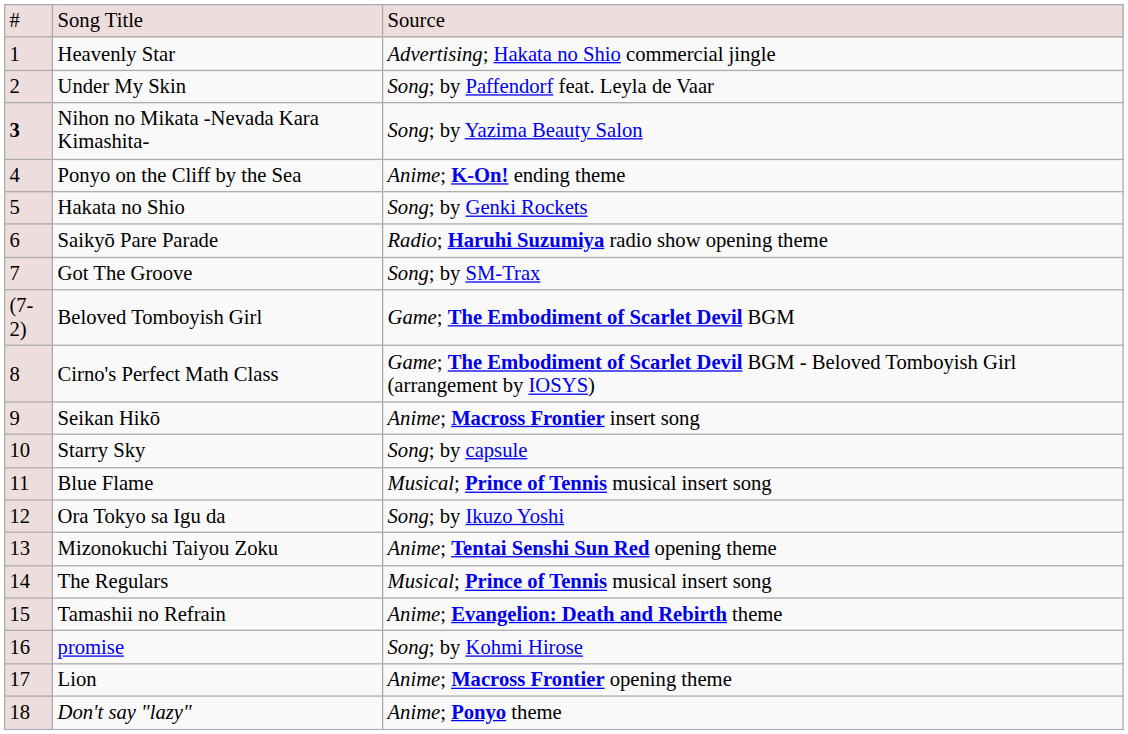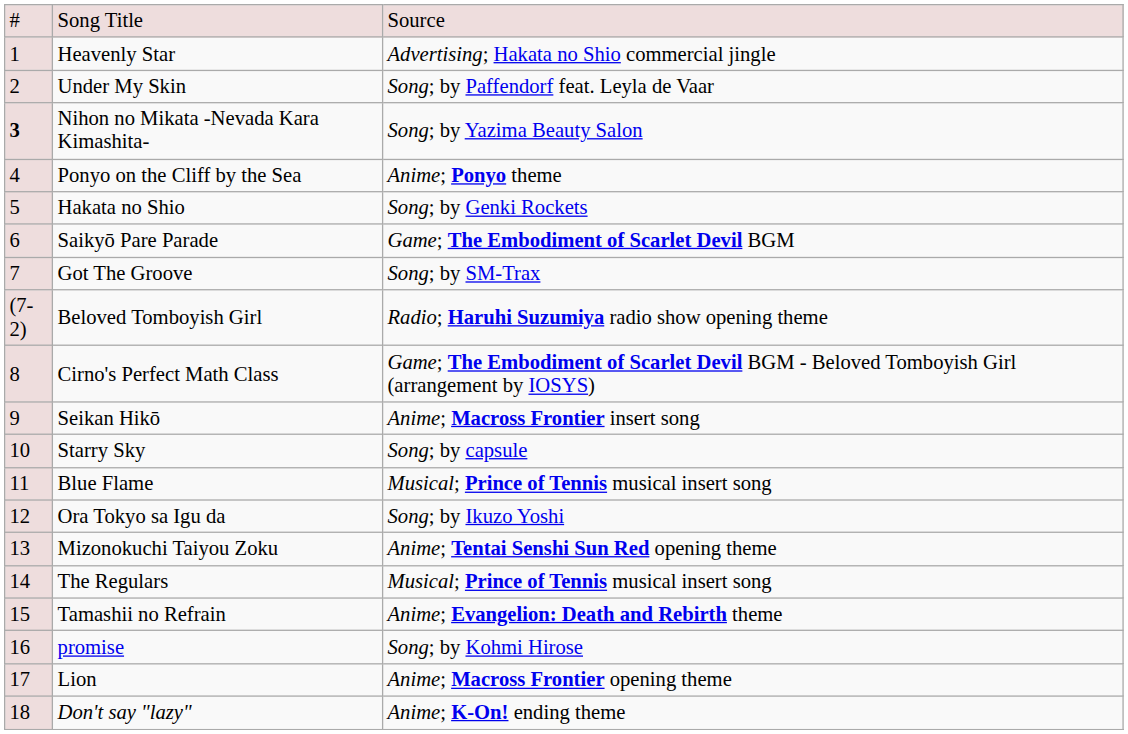 <table class="wikitable">
 <tr style="background-color:#edd">
 <td>#</td>
 <td>Song Title</td>
 <td>Source</td>
 </tr>
 <tr>
 <td style="background-color:#edd">1</td>
 <td>Heavenly Star</td>
 <td><em>Advertising</em>; <a href='#'>Hakata no Shio</a> commercial jingle</td>
 </tr>
 <tr>
 <td style="background-color:#edd">2</td>
 <td>Under My Skin</td>
 <td><em>Song</em>; by <a href='#'>Paffendorf</a> feat. Leyla de Vaar</td>
 </tr>
 <tr>
 <td style="background-color:#edd"><strong>3</strong></td>
 <td>Nihon no Mikata -Nevada Kara Kimashita-</td>
 <td><em>Song</em>; by <a href='#'>Yazima Beauty Salon</a></td>
 </tr>
 <tr>
 <td style="background-color:#edd">4</td>
 <td>Ponyo on the Cliff by the Sea</td>
-<td><em>Anime</em>; <strong><a href='#'>K-On!</a></strong> ending theme</td>
+<td><em>Anime</em>; <strong><a href='#'>Ponyo</a></strong> theme</td>
 </tr>
 <tr>
 <td style="background-color:#edd">5</td>
 <td>Hakata no Shio</td>
 <td><em>Song</em>; by <a href='#'>Genki Rockets</a></td>
 </tr>
 <tr>
 <td style="background-color:#edd">6</td>
 <td>Saikyō Pare Parade</td>
-<td><em>Radio</em>; <strong><a href='#'>Haruhi Suzumiya</a></strong> radio show opening theme</td>
+<td><em>Game</em>; <strong><a href='#'>The Embodiment of Scarlet Devil</a></strong> BGM</td>
 </tr>
 <tr>
 <td style="background-color:#edd">7</td>
 <td>Got The Groove</td>
 <td><em>Song</em>; by <a href='#'>SM-Trax</a></td>
 </tr>
 <tr>
 <td style="background-color:#edd">(7-2)</td>
 <td>Beloved Tomboyish Girl</td>
-<td><em>Game</em>; <strong><a href='#'>The Embodiment of Scarlet Devil</a></strong> BGM</td>
+<td><em>Radio</em>; <strong><a href='#'>Haruhi Suzumiya</a></strong> radio show opening theme</td>
 </tr>
 <tr>
 <td style="background-color:#edd">8</td>
 <td>Cirno's Perfect Math Class</td>
 <td><em>Game</em>; <strong><a href='#'>The Embodiment of Scarlet Devil</a></strong> BGM - Beloved Tomboyish Girl (arrangement by <a href='#'>IOSYS</a>)</td>
 </tr>
 <tr>
 <td style="background-color:#edd">9</td>
 <td>Seikan Hikō</td>
 <td><em>Anime</em>; <strong><a href='#'>Macross Frontier</a></strong> insert song</td>
 </tr>
 <tr>
 <td style="background-color:#edd">10</td>
 <td>Starry Sky</td>
 <td><em>Song</em>; by <a href='#'>capsule</a></td>
 </tr>
 <tr>
 <td style="background-color:#edd">11</td>
 <td>Blue Flame</td>
 <td><em>Musical</em>; <strong><a href='#'>Prince of Tennis</a></strong> musical insert song</td>
 </tr>
 <tr>
 <td style="background-color:#edd">12</td>
 <td>Ora Tokyo sa Igu da</td>
 <td><em>Song</em>; by <a href='#'>Ikuzo Yoshi</a></td>
 </tr>
 <tr>
 <td style="background-color:#edd">13</td>
 <td>Mizonokuchi Taiyou Zoku</td>
 <td><em>Anime</em>; <strong><a href='#'>Tentai Senshi Sun Red</a></strong> opening theme</td>
 </tr>
 <tr>
 <td style="background-color:#edd">14</td>
 <td>The Regulars</td>
 <td><em>Musical</em>; <strong><a href='#'>Prince of Tennis</a></strong> musical insert song</td>
 </tr>
 <tr>
 <td style="background-color:#edd">15</td>
 <td>Tamashii no Refrain</td>
 <td><em>Anime</em>; <strong><a href='#'>Evangelion: Death and Rebirth</a></strong> theme</td>
 </tr>
 <tr>
 <td style="background-color:#edd">16</td>
 <td><a href='#'>promise</a></td>
 <td><em>Song</em>; by <a href='#'>Kohmi Hirose</a></td>
 </tr>
 <tr>
 <td style="background-color:#edd">17</td>
 <td>Lion</td>
 <td><em>Anime</em>; <strong><a href='#'>Macross Frontier</a></strong> opening theme</td>
 </tr>
 <tr>
 <td style="background-color:#edd">18</td>
 <td><em>Don't say "lazy"</em></td>
-<td><em>Anime</em>; <strong><a href='#'>Ponyo</a></strong> theme</td>
+<td><em>Anime</em>; <strong><a href='#'>K-On!</a></strong> ending theme</td>
 </tr>
 <tr>
 </tr>
 </table>
